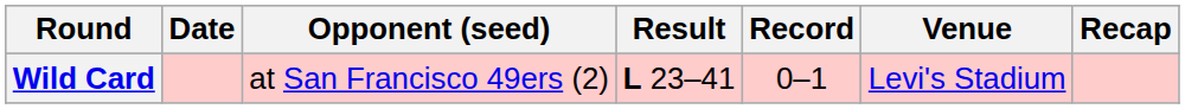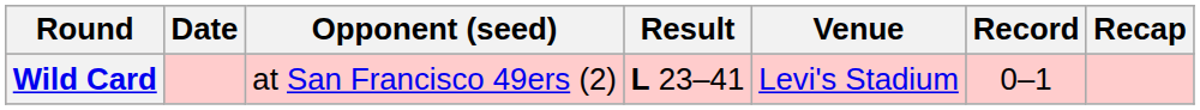 <table class="wikitable" style="text-align:center">
 <tr>
 <th>Round</th>
 <th>Date</th>
 <th>Opponent (seed)</th>
 <th>Result</th>
+<th>Venue</th>
 <th>Record</th>
-<th>Venue</th>
 <th>Recap</th>
 </tr>
 <tr style="background:#fcc">
 <th><a href='#'>Wild Card</a></th>
 <td></td>
 <td>at <a href='#'>San Francisco 49ers</a> (2)</td>
 <td><strong>L</strong> 23–41</td>
+<td><a href='#'>Levi's Stadium</a></td>
 <td>0–1</td>
-<td><a href='#'>Levi's Stadium</a></td>
 <td></td>
 </tr>
 </table>
